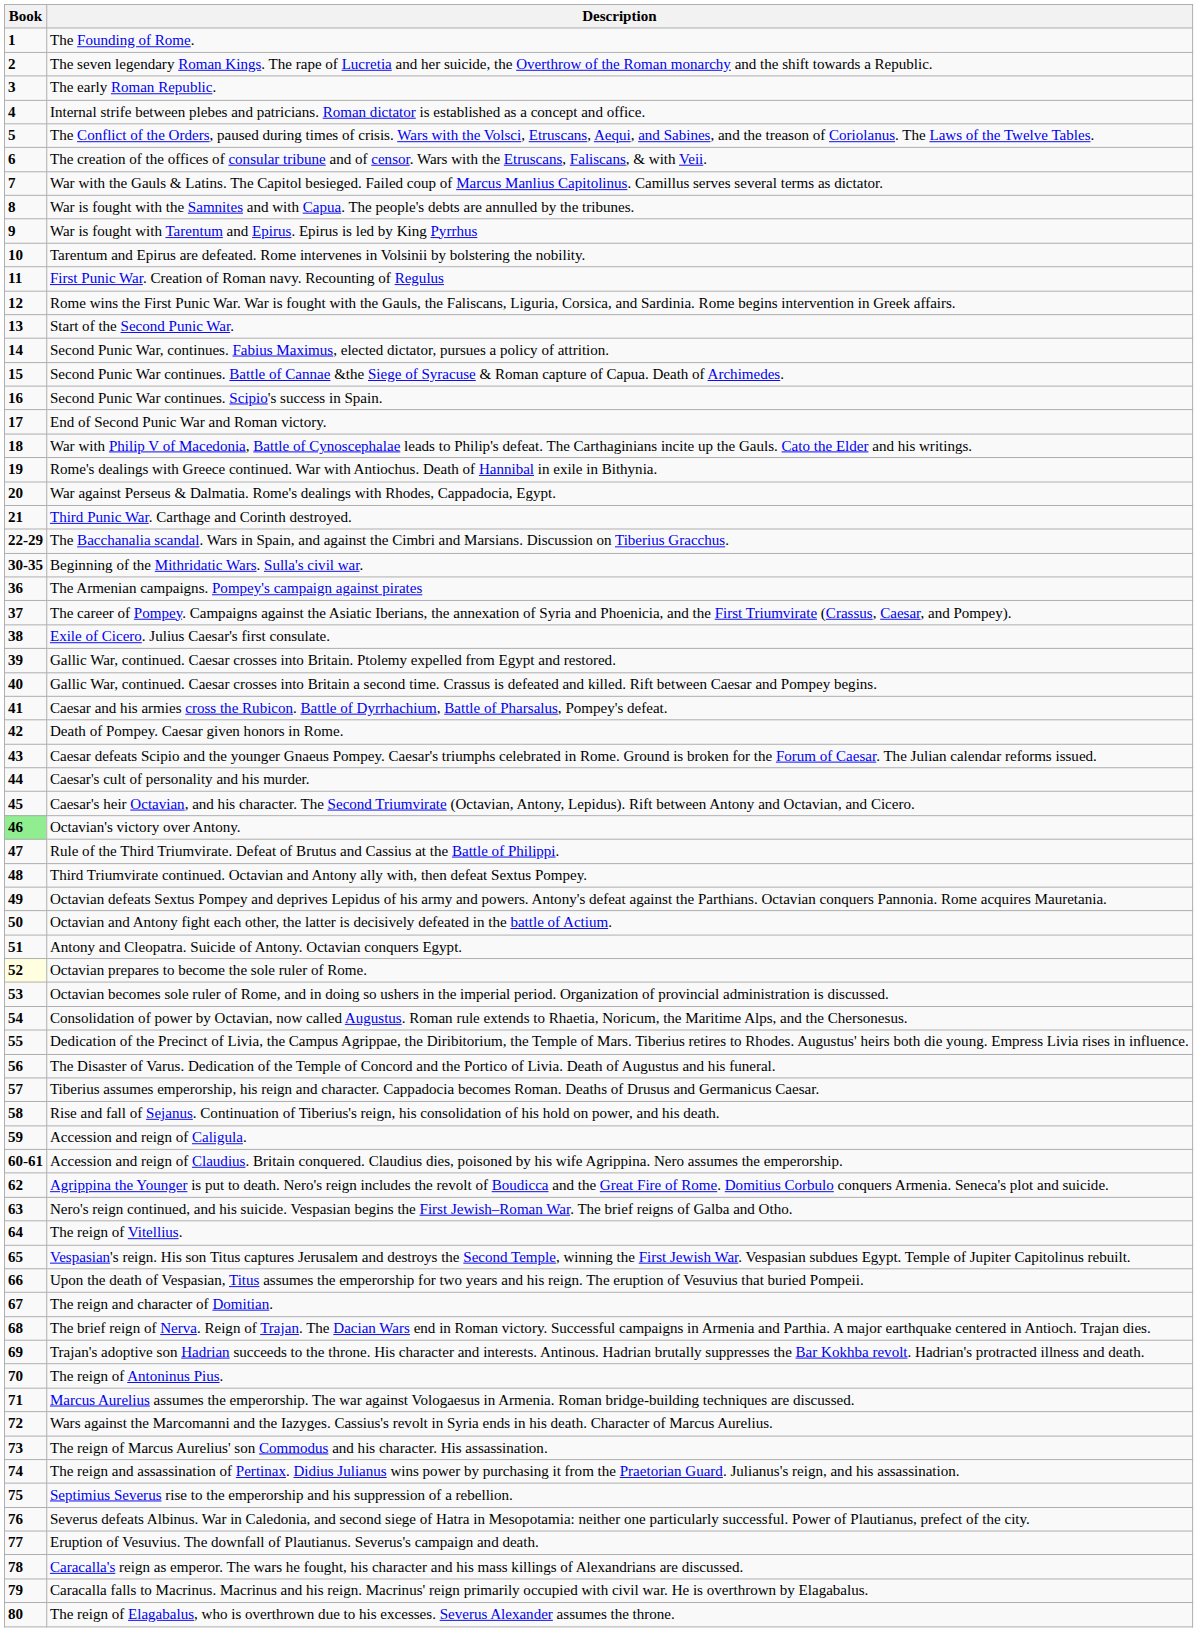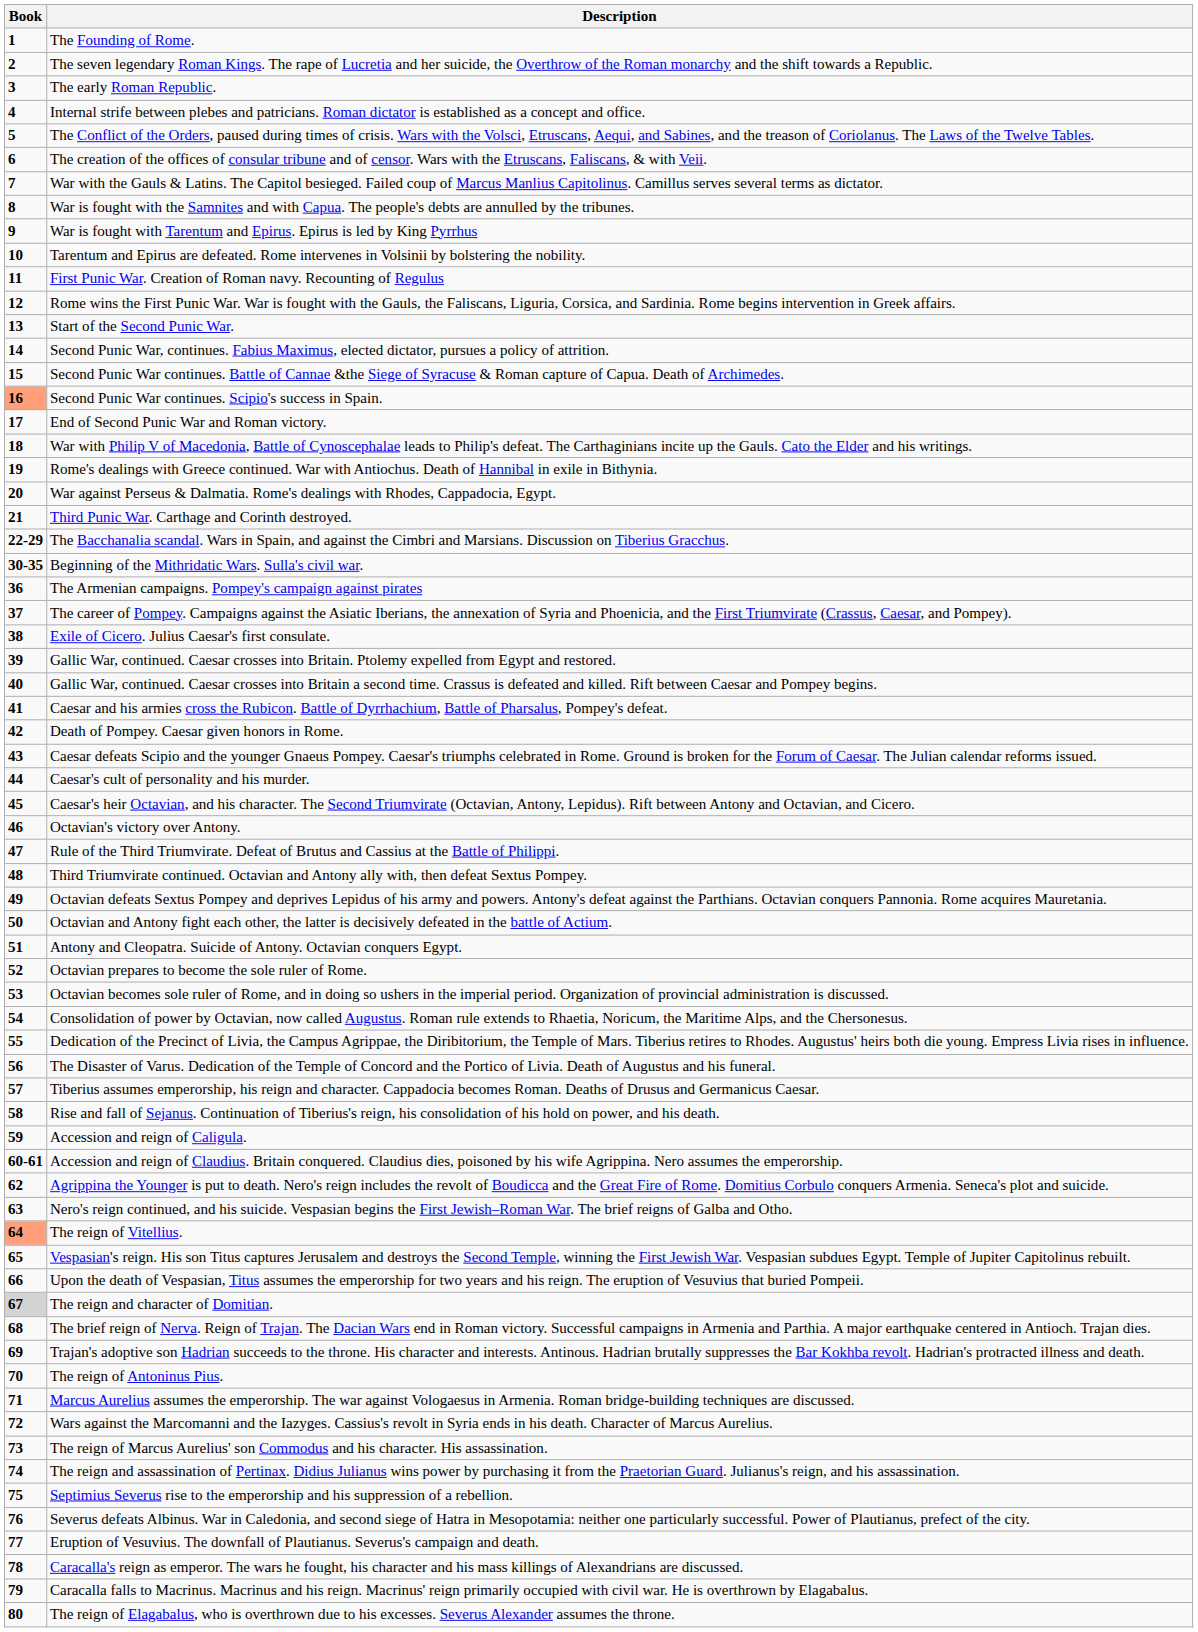 <table class="wikitable">
 <tr>
 <th>Book</th>
 <th>Description</th>
 </tr>
 <tr>
 <td><strong>1</strong></td>
 <td>The <a href='#'>Founding of Rome</a>.</td>
 </tr>
 <tr>
 <td><strong>2</strong></td>
 <td>The seven legendary <a href='#'>Roman Kings</a>. The rape of <a href='#'>Lucretia</a> and her suicide, the <a href='#'>Overthrow of the Roman monarchy</a> and the shift towards a Republic.</td>
 </tr>
 <tr>
 <td><strong>3</strong></td>
 <td>The early <a href='#'>Roman Republic</a>.</td>
 </tr>
 <tr>
 <td><strong>4</strong></td>
 <td>Internal strife between plebes and patricians. <a href='#'>Roman dictator</a> is established as a concept and office.</td>
 </tr>
 <tr>
 <td><strong>5</strong></td>
 <td>The <a href='#'>Conflict of the Orders</a>, paused during times of crisis. <a href='#'>Wars with the Volsci</a>, <a href='#'>Etruscans</a>, <a href='#'>Aequi</a>, <a href='#'>and Sabines</a>, and the treason of <a href='#'>Coriolanus</a>. The <a href='#'>Laws of the Twelve Tables</a>.</td>
 </tr>
 <tr>
 <td><strong>6</strong></td>
 <td>The creation of the offices of <a href='#'>consular tribune</a> and of <a href='#'>censor</a>. Wars with the <a href='#'>Etruscans</a>, <a href='#'>Faliscans</a>, & with <a href='#'>Veii</a>.</td>
 </tr>
 <tr>
 <td><strong>7</strong></td>
 <td>War with the Gauls & Latins. The Capitol besieged. Failed coup of <a href='#'>Marcus Manlius Capitolinus</a>. Camillus serves several terms as dictator.</td>
 </tr>
 <tr>
 <td><strong>8</strong></td>
 <td>War is fought with the <a href='#'>Samnites</a> and with <a href='#'>Capua</a>. The people's debts are annulled by the tribunes.</td>
 </tr>
 <tr>
 <td><strong>9</strong></td>
 <td>War is fought with <a href='#'>Tarentum</a> and <a href='#'>Epirus</a>. Epirus is led by King <a href='#'>Pyrrhus</a></td>
 </tr>
 <tr>
 <td><strong>10</strong></td>
 <td>Tarentum and Epirus are defeated. Rome intervenes in Volsinii by bolstering the nobility.</td>
 </tr>
 <tr>
 <td><strong>11</strong></td>
 <td><a href='#'>First Punic War</a>. Creation of Roman navy. Recounting of <a href='#'>Regulus</a></td>
 </tr>
 <tr>
 <td><strong>12</strong></td>
 <td>Rome wins the First Punic War. War is fought with the Gauls, the Faliscans, Liguria, Corsica, and Sardinia. Rome begins intervention in Greek affairs.</td>
 </tr>
 <tr>
 <td><strong>13</strong></td>
 <td>Start of the <a href='#'>Second Punic War</a>.</td>
 </tr>
 <tr>
 <td><strong>14</strong></td>
 <td>Second Punic War, continues. <a href='#'>Fabius Maximus</a>, elected dictator, pursues a policy of attrition.</td>
 </tr>
 <tr>
 <td><strong>15</strong></td>
 <td>Second Punic War continues. <a href='#'>Battle of Cannae</a> &the <a href='#'>Siege of Syracuse</a> & Roman capture of Capua. Death of <a href='#'>Archimedes</a>.</td>
 </tr>
 <tr>
-<td><strong>16</strong></td>
+<td style="background: lightsalmon;"><strong>16</strong></td>
 <td>Second Punic War continues. <a href='#'>Scipio</a>'s success in Spain.</td>
 </tr>
 <tr>
 <td><strong>17</strong></td>
 <td>End of Second Punic War and Roman victory.</td>
 </tr>
 <tr>
 <td><strong>18</strong></td>
 <td>War with <a href='#'>Philip V of Macedonia</a>, <a href='#'>Battle of Cynoscephalae</a> leads to Philip's defeat. The Carthaginians incite up the Gauls. <a href='#'>Cato the Elder</a> and his writings.</td>
 </tr>
 <tr>
 <td><strong>19</strong></td>
 <td>Rome's dealings with Greece continued. War with Antiochus. Death of <a href='#'>Hannibal</a> in exile in Bithynia.</td>
 </tr>
 <tr>
 <td><strong>20</strong></td>
 <td>War against Perseus & Dalmatia. Rome's dealings with Rhodes, Cappadocia, Egypt.</td>
 </tr>
 <tr>
 <td><strong>21</strong></td>
 <td><a href='#'>Third Punic War</a>. Carthage and Corinth destroyed.</td>
 </tr>
 <tr>
 <td><strong>22‑29</strong></td>
 <td>The <a href='#'>Bacchanalia scandal</a>. Wars in Spain, and against the Cimbri and Marsians. Discussion on <a href='#'>Tiberius Gracchus</a>.</td>
 </tr>
 <tr>
 <td><strong>30‑35</strong></td>
 <td>Beginning of the <a href='#'>Mithridatic Wars</a>. <a href='#'>Sulla's civil war</a>.</td>
 </tr>
 <tr>
 <td><strong>36</strong></td>
 <td>The Armenian campaigns. <a href='#'>Pompey's campaign against pirates</a></td>
 </tr>
 <tr>
 <td><strong>37</strong></td>
 <td>The career of <a href='#'>Pompey</a>. Campaigns against the Asiatic Iberians, the annexation of Syria and Phoenicia, and the <a href='#'>First Triumvirate</a> (<a href='#'>Crassus</a>, <a href='#'>Caesar</a>, and Pompey).</td>
 </tr>
 <tr>
 <td><strong>38</strong></td>
 <td><a href='#'>Exile of Cicero</a>. Julius Caesar's first consulate.</td>
 </tr>
 <tr>
 <td><strong>39</strong></td>
 <td>Gallic War, continued. Caesar crosses into Britain. Ptolemy expelled from Egypt and restored.</td>
 </tr>
 <tr>
 <td><strong>40</strong></td>
 <td>Gallic War, continued. Caesar crosses into Britain a second time. Crassus is defeated and killed. Rift between Caesar and Pompey begins.</td>
 </tr>
 <tr>
 <td><strong>41</strong></td>
 <td>Caesar and his armies <a href='#'>cross the Rubicon</a>. <a href='#'>Battle of Dyrrhachium</a>, <a href='#'>Battle of Pharsalus</a>, Pompey's defeat.</td>
 </tr>
 <tr>
 <td><strong>42</strong></td>
 <td>Death of Pompey. Caesar given honors in Rome.</td>
 </tr>
 <tr>
 <td><strong>43</strong></td>
 <td>Caesar defeats Scipio and the younger Gnaeus Pompey. Caesar's triumphs celebrated in Rome. Ground is broken for the <a href='#'>Forum of Caesar</a>. The Julian calendar reforms issued.</td>
 </tr>
 <tr>
 <td><strong>44</strong></td>
 <td>Caesar's cult of personality and his murder.</td>
 </tr>
 <tr>
 <td><strong>45</strong></td>
 <td>Caesar's heir <a href='#'>Octavian</a>, and his character. The <a href='#'>Second Triumvirate</a> (Octavian, Antony, Lepidus). Rift between Antony and Octavian, and Cicero.</td>
 </tr>
 <tr>
-<td style="background: lightgreen;"><strong>46</strong></td>
+<td><strong>46</strong></td>
 <td>Octavian's victory over Antony.</td>
 </tr>
 <tr>
 <td><strong>47</strong></td>
 <td>Rule of the Third Triumvirate. Defeat of Brutus and Cassius at the <a href='#'>Battle of Philippi</a>.</td>
 </tr>
 <tr>
 <td><strong>48</strong></td>
 <td>Third Triumvirate continued. Octavian and Antony ally with, then defeat Sextus Pompey.</td>
 </tr>
 <tr>
 <td><strong>49</strong></td>
 <td>Octavian defeats Sextus Pompey and deprives Lepidus of his army and powers. Antony's defeat against the Parthians. Octavian conquers Pannonia. Rome acquires Mauretania.</td>
 </tr>
 <tr>
 <td><strong>50</strong></td>
 <td>Octavian and Antony fight each other, the latter is decisively defeated in the <a href='#'>battle of Actium</a>.</td>
 </tr>
 <tr>
 <td><strong>51</strong></td>
 <td>Antony and Cleopatra. Suicide of Antony. Octavian conquers Egypt.</td>
 </tr>
 <tr>
-<td style="background: lightyellow;"><strong>52</strong></td>
+<td><strong>52</strong></td>
 <td>Octavian prepares to become the sole ruler of Rome.</td>
 </tr>
 <tr>
 <td><strong>53</strong></td>
 <td>Octavian becomes sole ruler of Rome, and in doing so ushers in the imperial period. Organization of provincial administration is discussed.</td>
 </tr>
 <tr>
 <td><strong>54</strong></td>
 <td>Consolidation of power by Octavian, now called <a href='#'>Augustus</a>. Roman rule extends to Rhaetia, Noricum, the Maritime Alps, and the Chersonesus.</td>
 </tr>
 <tr>
 <td><strong>55</strong></td>
 <td>Dedication of the Precinct of Livia, the Campus Agrippae, the Diribitorium, the Temple of Mars. Tiberius retires to Rhodes. Augustus' heirs both die young. Empress Livia rises in influence.</td>
 </tr>
 <tr>
 <td><strong>56</strong></td>
 <td>The Disaster of Varus. Dedication of the Temple of Concord and the Portico of Livia. Death of Augustus and his funeral.</td>
 </tr>
 <tr>
 <td><strong>57</strong></td>
 <td>Tiberius assumes emperorship, his reign and character. Cappadocia becomes Roman. Deaths of Drusus and Germanicus Caesar.</td>
 </tr>
 <tr>
 <td><strong>58</strong></td>
 <td>Rise and fall of <a href='#'>Sejanus</a>. Continuation of Tiberius's reign, his consolidation of his hold on power, and his death.</td>
 </tr>
 <tr>
 <td><strong>59</strong></td>
 <td>Accession and reign of <a href='#'>Caligula</a>.</td>
 </tr>
 <tr>
 <td><strong>60</strong>-<strong>61</strong></td>
 <td>Accession and reign of <a href='#'>Claudius</a>. Britain conquered. Claudius dies, poisoned by his wife Agrippina. Nero assumes the emperorship.</td>
 </tr>
 <tr>
 <td><strong>62</strong></td>
 <td><a href='#'>Agrippina the Younger</a> is put to death. Nero's reign includes the revolt of <a href='#'>Boudicca</a> and the <a href='#'>Great Fire of Rome</a>. <a href='#'>Domitius Corbulo</a> conquers Armenia. Seneca's plot and suicide.</td>
 </tr>
 <tr>
 <td><strong>63</strong></td>
 <td>Nero's reign continued, and his suicide. Vespasian begins the <a href='#'>First Jewish–Roman War</a>. The brief reigns of Galba and Otho.</td>
 </tr>
 <tr>
-<td><strong>64</strong></td>
+<td style="background: lightsalmon;"><strong>64</strong></td>
 <td>The reign of <a href='#'>Vitellius</a>.</td>
 </tr>
 <tr>
 <td><strong>65</strong></td>
 <td><a href='#'>Vespasian</a>'s reign. His son Titus captures Jerusalem and destroys the <a href='#'>Second Temple</a>, winning the <a href='#'>First Jewish War</a>. Vespasian subdues Egypt. Temple of Jupiter Capitolinus rebuilt.</td>
 </tr>
 <tr>
 <td><strong>66</strong></td>
 <td>Upon the death of Vespasian, <a href='#'>Titus</a> assumes the emperorship for two years and his reign. The eruption of Vesuvius that buried Pompeii.</td>
 </tr>
 <tr>
-<td><strong>67</strong></td>
+<td style="background: lightgrey;"><strong>67</strong></td>
 <td>The reign and character of <a href='#'>Domitian</a>.</td>
 </tr>
 <tr>
 <td><strong>68</strong></td>
 <td>The brief reign of <a href='#'>Nerva</a>. Reign of <a href='#'>Trajan</a>. The <a href='#'>Dacian Wars</a> end in Roman victory. Successful campaigns in Armenia and Parthia. A major earthquake centered in Antioch. Trajan dies.</td>
 </tr>
 <tr>
 <td><strong>69</strong></td>
 <td>Trajan's adoptive son <a href='#'>Hadrian</a> succeeds to the throne. His character and interests. Antinous. Hadrian brutally suppresses the <a href='#'>Bar Kokhba revolt</a>. Hadrian's protracted illness and death.</td>
 </tr>
 <tr>
 <td><strong>70</strong></td>
 <td>The reign of <a href='#'>Antoninus Pius</a>.</td>
 </tr>
 <tr>
 <td><strong>71</strong></td>
 <td><a href='#'>Marcus Aurelius</a> assumes the emperorship. The war against Vologaesus in Armenia. Roman bridge-building techniques are discussed.</td>
 </tr>
 <tr>
 <td><strong>72</strong></td>
 <td>Wars against the Marcomanni and the Iazyges. Cassius's revolt in Syria ends in his death. Character of Marcus Aurelius.</td>
 </tr>
 <tr>
 <td><strong>73</strong></td>
 <td>The reign of Marcus Aurelius' son <a href='#'>Commodus</a> and his character. His assassination.</td>
 </tr>
 <tr>
 <td><strong>74</strong></td>
 <td>The reign and assassination of <a href='#'>Pertinax</a>. <a href='#'>Didius Julianus</a> wins power by purchasing it from the <a href='#'>Praetorian Guard</a>. Julianus's reign, and his assassination.</td>
 </tr>
 <tr>
 <td><strong>75</strong></td>
 <td><a href='#'>Septimius Severus</a> rise to the emperorship and his suppression of a rebellion.</td>
 </tr>
 <tr>
 <td><strong>76</strong></td>
 <td>Severus defeats Albinus. War in Caledonia, and second siege of Hatra in Mesopotamia: neither one particularly successful. Power of Plautianus, prefect of the city.</td>
 </tr>
 <tr>
 <td><strong>77</strong></td>
 <td>Eruption of Vesuvius. The downfall of Plautianus. Severus's campaign and death.</td>
 </tr>
 <tr>
 <td><strong>78</strong></td>
 <td><a href='#'>Caracalla's</a> reign as emperor. The wars he fought, his character and his mass killings of Alexandrians are discussed.</td>
 </tr>
 <tr>
 <td><strong>79</strong></td>
 <td>Caracalla falls to Macrinus. Macrinus and his reign. Macrinus' reign primarily occupied with civil war. He is overthrown by Elagabalus.</td>
 </tr>
 <tr>
 <td><strong>80</strong></td>
 <td>The reign of <a href='#'>Elagabalus</a>, who is overthrown due to his excesses. <a href='#'>Severus Alexander</a> assumes the throne.</td>
 </tr>
 </table>
